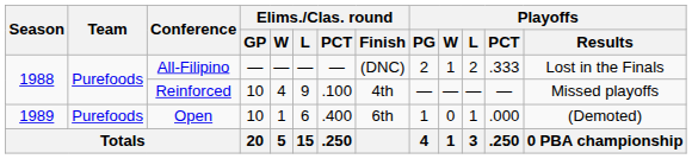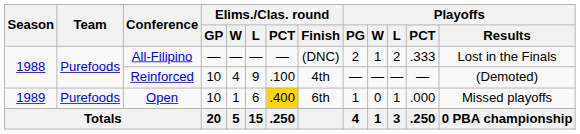 <table class="wikitable" style="text-align:center">
 <tr>
 <th rowspan="2">Season</th>
 <th rowspan="2">Team</th>
 <th rowspan="2">Conference</th>
 <th colspan="5">Elims./Clas. round</th>
 <th colspan="5">Playoffs</th>
 </tr>
 <tr>
 <th>GP</th>
 <th>W</th>
 <th>L</th>
 <th>PCT</th>
 <th>Finish</th>
 <th>PG</th>
 <th>W</th>
 <th>L</th>
 <th>PCT</th>
 <th>Results</th>
 </tr>
 <tr>
 <td rowspan="2"><a href='#'>1988</a></td>
 <td rowspan="2"><a href='#'>Purefoods</a></td>
 <td><a href='#'>All-Filipino</a></td>
 <td>—</td>
 <td>—</td>
 <td>—</td>
 <td>—</td>
 <td>(DNC)</td>
 <td>2</td>
 <td>1</td>
 <td>2</td>
 <td>.333</td>
 <td>Lost in the Finals</td>
 </tr>
 <tr>
 <td><a href='#'>Reinforced</a></td>
 <td>10</td>
 <td>4</td>
 <td>9</td>
 <td>.100</td>
 <td>4th</td>
 <td>—</td>
 <td>—</td>
 <td>—</td>
 <td>—</td>
-<td>Missed playoffs</td>
+<td>(Demoted)</td>
 </tr>
 <tr>
 <td><a href='#'>1989</a></td>
 <td><a href='#'>Purefoods</a></td>
 <td><a href='#'>Open</a></td>
 <td>10</td>
 <td>1</td>
 <td>6</td>
-<td>.400</td>
+<td style="background: gold;">.400</td>
 <td>6th</td>
 <td>1</td>
 <td>0</td>
 <td>1</td>
 <td>.000</td>
-<td>(Demoted)</td>
+<td>Missed playoffs</td>
 </tr>
 <tr>
 <th colspan="3">Totals</th>
 <th>20</th>
 <th>5</th>
 <th>15</th>
 <th>.250</th>
 <th></th>
 <th>4</th>
 <th>1</th>
 <th>3</th>
 <th>.250</th>
 <th>0 PBA championship</th>
 </tr>
 </table>
